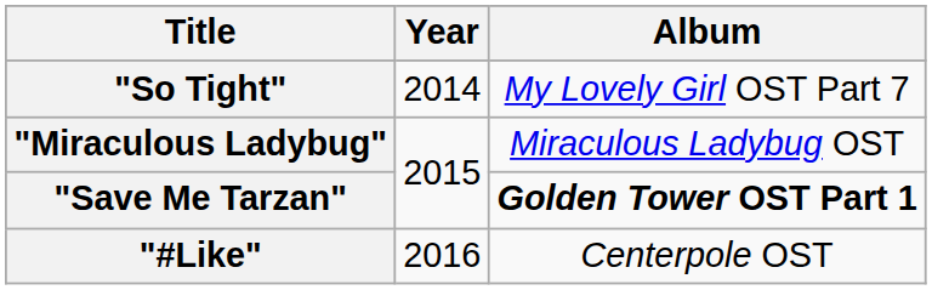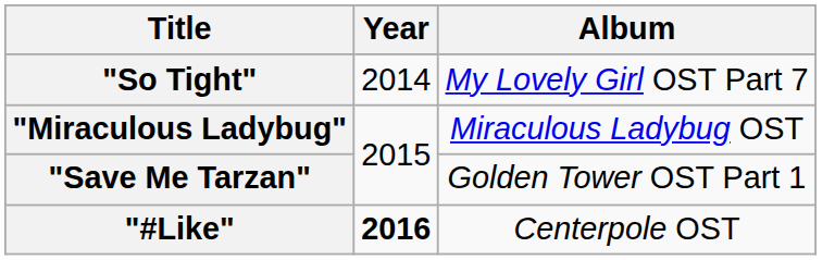 <table class="wikitable plainrowheaders" style="text-align:center">
 <tr>
 <th scope="col">Title</th>
 <th scope="col">Year</th>
 <th scope="col">Album</th>
 </tr>
 <tr>
 <th scope="row">"So Tight"</th>
 <td>2014</td>
 <td><em><a href='#'>My Lovely Girl</a></em> OST Part 7</td>
 </tr>
 <tr>
 <th scope="row">"Miraculous Ladybug"</th>
 <td rowspan="2">2015</td>
 <td><em><a href='#'>Miraculous Ladybug</a></em> OST</td>
 </tr>
 <tr>
 <th scope="row">"Save Me Tarzan"</th>
-<td><strong><em>Golden Tower</em> OST Part 1</strong></td>
+<td><em>Golden Tower</em> OST Part 1</td>
 </tr>
 <tr>
 <th scope="row">"#Like"</th>
-<td>2016</td>
+<td><strong>2016</strong></td>
 <td><em>Centerpole</em> OST</td>
 </tr>
 </table>
